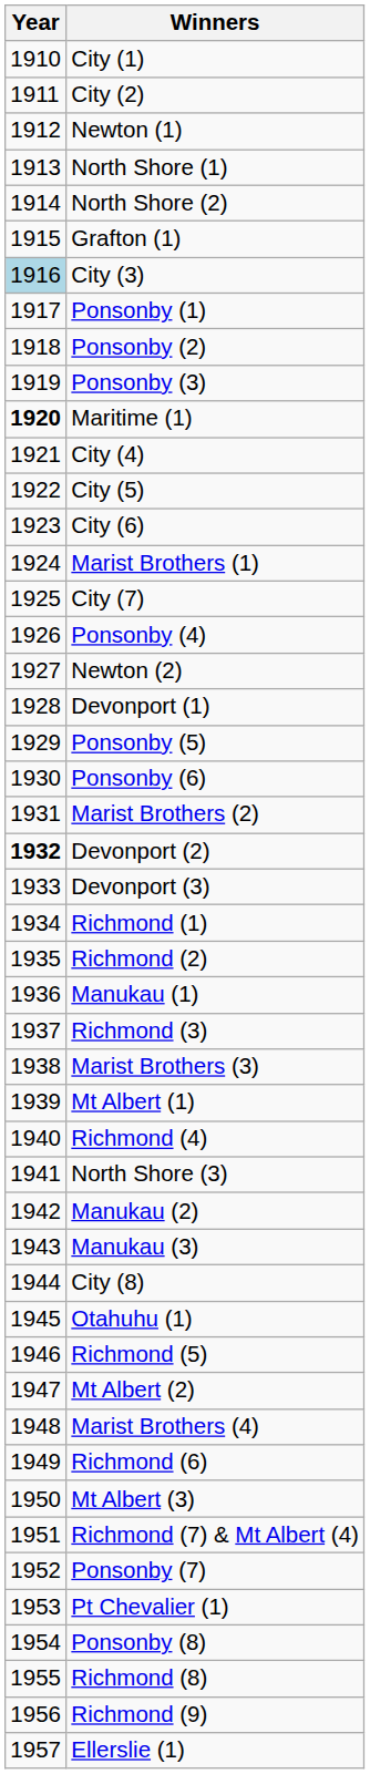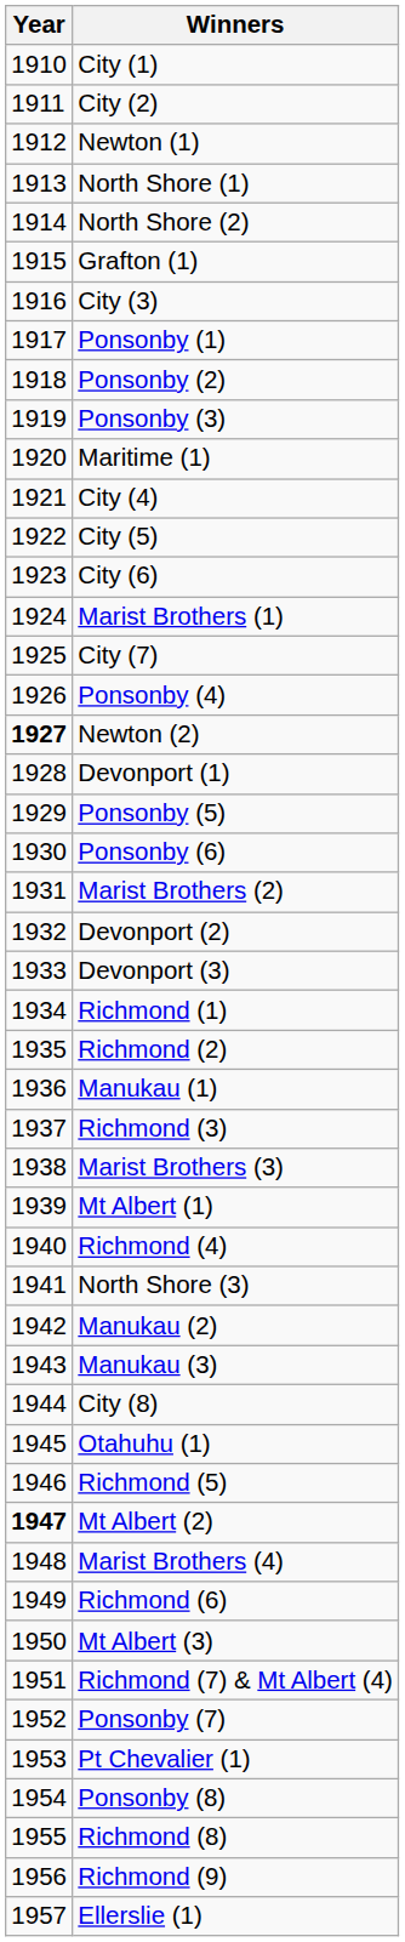 <table class="wikitable">
 <tr>
 <th>Year</th>
 <th>Winners</th>
 </tr>
 <tr>
 <td>1910</td>
 <td>City (1)</td>
 </tr>
 <tr>
 <td>1911</td>
 <td>City (2)</td>
 </tr>
 <tr>
 <td>1912</td>
 <td>Newton (1)</td>
 </tr>
 <tr>
 <td>1913</td>
 <td>North Shore (1)</td>
 </tr>
 <tr>
 <td>1914</td>
 <td>North Shore (2)</td>
 </tr>
 <tr>
 <td>1915</td>
 <td>Grafton (1)</td>
 </tr>
 <tr>
-<td style="background: lightblue;">1916</td>
+<td>1916</td>
 <td>City (3)</td>
 </tr>
 <tr>
 <td>1917</td>
 <td><a href='#'>Ponsonby</a> (1)</td>
 </tr>
 <tr>
 <td>1918</td>
 <td><a href='#'>Ponsonby</a> (2)</td>
 </tr>
 <tr>
 <td>1919</td>
 <td><a href='#'>Ponsonby</a> (3)</td>
 </tr>
 <tr>
-<td><strong>1920</strong></td>
+<td>1920</td>
 <td>Maritime (1)</td>
 </tr>
 <tr>
 <td>1921</td>
 <td>City (4)</td>
 </tr>
 <tr>
 <td>1922</td>
 <td>City (5)</td>
 </tr>
 <tr>
 <td>1923</td>
 <td>City (6)</td>
 </tr>
 <tr>
 <td>1924</td>
 <td><a href='#'>Marist Brothers</a> (1)</td>
 </tr>
 <tr>
 <td>1925</td>
 <td>City (7)</td>
 </tr>
 <tr>
 <td>1926</td>
 <td><a href='#'>Ponsonby</a> (4)</td>
 </tr>
 <tr>
-<td>1927</td>
+<td><strong>1927</strong></td>
 <td>Newton (2)</td>
 </tr>
 <tr>
 <td>1928</td>
 <td>Devonport (1)</td>
 </tr>
 <tr>
 <td>1929</td>
 <td><a href='#'>Ponsonby</a> (5)</td>
 </tr>
 <tr>
 <td>1930</td>
 <td><a href='#'>Ponsonby</a> (6)</td>
 </tr>
 <tr>
 <td>1931</td>
 <td><a href='#'>Marist Brothers</a> (2)</td>
 </tr>
 <tr>
-<td><strong>1932</strong></td>
+<td>1932</td>
 <td>Devonport (2)</td>
 </tr>
 <tr>
 <td>1933</td>
 <td>Devonport (3)</td>
 </tr>
 <tr>
 <td>1934</td>
 <td><a href='#'>Richmond</a> (1)</td>
 </tr>
 <tr>
 <td>1935</td>
 <td><a href='#'>Richmond</a> (2)</td>
 </tr>
 <tr>
 <td>1936</td>
 <td><a href='#'>Manukau</a> (1)</td>
 </tr>
 <tr>
 <td>1937</td>
 <td><a href='#'>Richmond</a> (3)</td>
 </tr>
 <tr>
 <td>1938</td>
 <td><a href='#'>Marist Brothers</a> (3)</td>
 </tr>
 <tr>
 <td>1939</td>
 <td><a href='#'>Mt Albert</a> (1)</td>
 </tr>
 <tr>
 <td>1940</td>
 <td><a href='#'>Richmond</a> (4)</td>
 </tr>
 <tr>
 <td>1941</td>
 <td>North Shore (3)</td>
 </tr>
 <tr>
 <td>1942</td>
 <td><a href='#'>Manukau</a> (2)</td>
 </tr>
 <tr>
 <td>1943</td>
 <td><a href='#'>Manukau</a> (3)</td>
 </tr>
 <tr>
 <td>1944</td>
 <td>City (8)</td>
 </tr>
 <tr>
 <td>1945</td>
 <td><a href='#'>Otahuhu</a> (1)</td>
 </tr>
 <tr>
 <td>1946</td>
 <td><a href='#'>Richmond</a> (5)</td>
 </tr>
 <tr>
-<td>1947</td>
+<td><strong>1947</strong></td>
 <td><a href='#'>Mt Albert</a> (2)</td>
 </tr>
 <tr>
 <td>1948</td>
 <td><a href='#'>Marist Brothers</a> (4)</td>
 </tr>
 <tr>
 <td>1949</td>
 <td><a href='#'>Richmond</a> (6)</td>
 </tr>
 <tr>
 <td>1950</td>
 <td><a href='#'>Mt Albert</a> (3)</td>
 </tr>
 <tr>
 <td>1951</td>
 <td><a href='#'>Richmond</a> (7) & <a href='#'>Mt Albert</a> (4)</td>
 </tr>
 <tr>
 <td>1952</td>
 <td><a href='#'>Ponsonby</a> (7)</td>
 </tr>
 <tr>
 <td>1953</td>
 <td><a href='#'>Pt Chevalier</a> (1)</td>
 </tr>
 <tr>
 <td>1954</td>
 <td><a href='#'>Ponsonby</a> (8)</td>
 </tr>
 <tr>
 <td>1955</td>
 <td><a href='#'>Richmond</a> (8)</td>
 </tr>
 <tr>
 <td>1956</td>
 <td><a href='#'>Richmond</a> (9)</td>
 </tr>
 <tr>
 <td>1957</td>
 <td><a href='#'>Ellerslie</a> (1)</td>
 </tr>
 </table>
